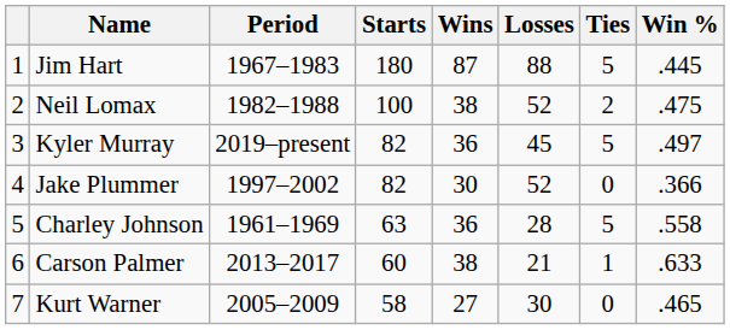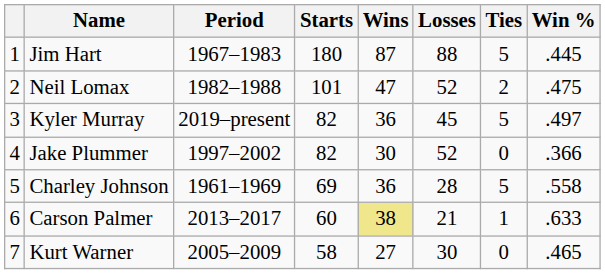 <table class="wikitable" style="text-align:center">
 <tr>
 <th></th>
 <th>Name</th>
 <th>Period</th>
 <th>Starts</th>
 <th>Wins</th>
 <th>Losses</th>
 <th>Ties</th>
 <th>Win %</th>
 </tr>
 <tr>
 <td>1</td>
 <td style="text-align:left">Jim Hart</td>
 <td>1967–1983</td>
 <td>180</td>
 <td>87</td>
 <td>88</td>
 <td>5</td>
 <td>.445</td>
 </tr>
 <tr>
 <td>2</td>
 <td style="text-align:left">Neil Lomax</td>
 <td>1982–1988</td>
-<td>100</td>
-<td>38</td>
+<td>101</td>
+<td>47</td>
 <td>52</td>
 <td>2</td>
 <td>.475</td>
 </tr>
 <tr>
 <td>3</td>
 <td style="text-align:left">Kyler Murray</td>
 <td>2019–present</td>
 <td>82</td>
 <td>36</td>
 <td>45</td>
 <td>5</td>
 <td>.497</td>
 </tr>
 <tr>
 <td>4</td>
 <td style="text-align:left">Jake Plummer</td>
 <td>1997–2002</td>
 <td>82</td>
 <td>30</td>
 <td>52</td>
 <td>0</td>
 <td>.366</td>
 </tr>
 <tr>
 <td>5</td>
 <td style="text-align:left">Charley Johnson</td>
 <td>1961–1969</td>
-<td>63</td>
+<td>69</td>
 <td>36</td>
 <td>28</td>
 <td>5</td>
 <td>.558</td>
 </tr>
 <tr>
 <td>6</td>
 <td style="text-align:left">Carson Palmer</td>
 <td>2013–2017</td>
 <td>60</td>
-<td>38</td>
+<td style="background: khaki;">38</td>
 <td>21</td>
 <td>1</td>
 <td>.633</td>
 </tr>
 <tr>
 <td>7</td>
 <td style="text-align:left">Kurt Warner</td>
 <td>2005–2009</td>
 <td>58</td>
 <td>27</td>
 <td>30</td>
 <td>0</td>
 <td>.465</td>
 </tr>
 </table>
